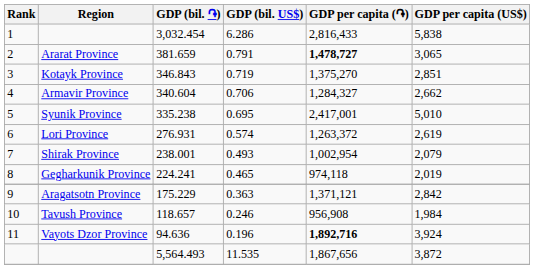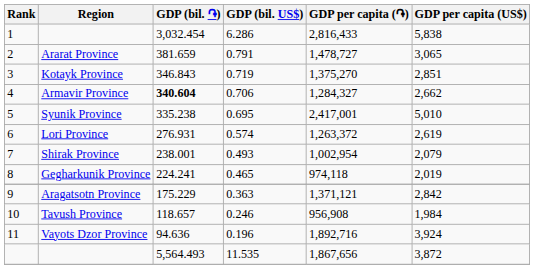 <table class="wikitable sortable" style="font-size:85%;">
 <tr>
 <th>Rank</th>
 <th>Region</th>
 <th>GDP (bil. <a href='#'>֏</a>)</th>
 <th>GDP (bil. <a href='#'>US$</a>)</th>
 <th>GDP per capita (֏)</th>
 <th>GDP per capita (US$)</th>
 </tr>
 <tr>
 <td>1</td>
 <td></td>
 <td>3,032.454</td>
 <td>6.286</td>
 <td>2,816,433</td>
 <td>5,838</td>
 </tr>
 <tr>
 <td>2</td>
 <td><a href='#'>Ararat Province</a></td>
 <td>381.659</td>
 <td>0.791</td>
-<td><strong>1,478,727</strong></td>
+<td>1,478,727</td>
 <td>3,065</td>
 </tr>
 <tr>
 <td>3</td>
 <td><a href='#'>Kotayk Province</a></td>
 <td>346.843</td>
 <td>0.719</td>
 <td>1,375,270</td>
 <td>2,851</td>
 </tr>
 <tr>
 <td>4</td>
 <td><a href='#'>Armavir Province</a></td>
-<td>340.604</td>
+<td><strong>340.604</strong></td>
 <td>0.706</td>
 <td>1,284,327</td>
 <td>2,662</td>
 </tr>
 <tr>
 <td>5</td>
 <td><a href='#'>Syunik Province</a></td>
 <td>335.238</td>
 <td>0.695</td>
 <td>2,417,001</td>
 <td>5,010</td>
 </tr>
 <tr>
 <td>6</td>
 <td><a href='#'>Lori Province</a></td>
 <td>276.931</td>
 <td>0.574</td>
 <td>1,263,372</td>
 <td>2,619</td>
 </tr>
 <tr>
 <td>7</td>
 <td><a href='#'>Shirak Province</a></td>
 <td>238.001</td>
 <td>0.493</td>
 <td>1,002,954</td>
 <td>2,079</td>
 </tr>
 <tr>
 <td>8</td>
 <td><a href='#'>Gegharkunik Province</a></td>
 <td>224.241</td>
 <td>0.465</td>
 <td>974,118</td>
 <td>2,019</td>
 </tr>
 <tr>
 </tr>
 <tr>
 <td>9</td>
 <td><a href='#'>Aragatsotn Province</a></td>
 <td>175.229</td>
 <td>0.363</td>
 <td>1,371,121</td>
 <td>2,842</td>
 </tr>
 <tr>
 <td>10</td>
 <td><a href='#'>Tavush Province</a></td>
 <td>118.657</td>
 <td>0.246</td>
 <td>956,908</td>
 <td>1,984</td>
 </tr>
 <tr>
 <td>11</td>
 <td><a href='#'>Vayots Dzor Province</a></td>
 <td>94.636</td>
 <td>0.196</td>
-<td><strong>1,892,716</strong></td>
+<td>1,892,716</td>
 <td>3,924</td>
 </tr>
 <tr>
 <td></td>
 <td><strong></strong></td>
 <td>5,564.493</td>
 <td>11.535</td>
 <td>1,867,656</td>
 <td>3,872</td>
 </tr>
 <tr>
 </tr>
 </table>
